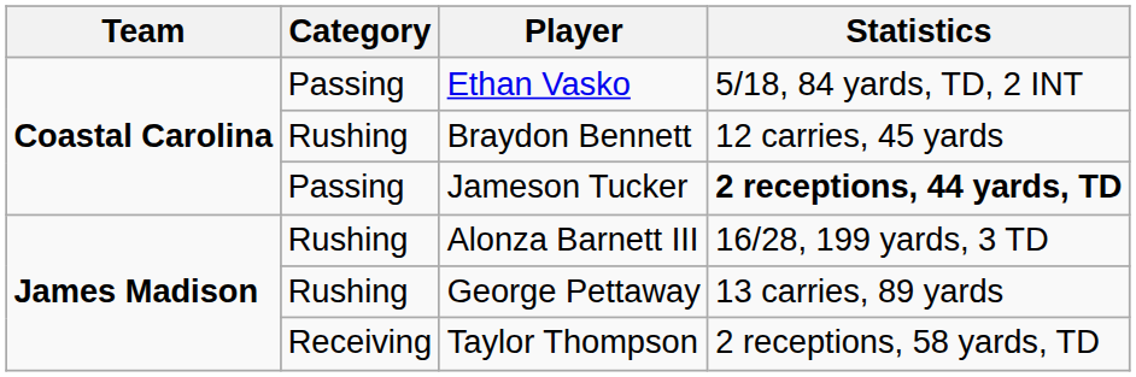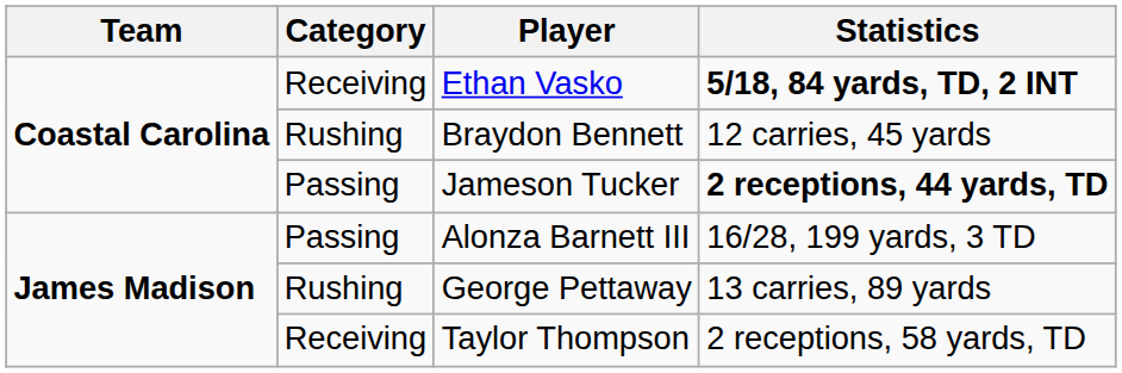 <table class="wikitable" style="float: right;">
 <tr>
 <th>Team</th>
 <th>Category</th>
 <th>Player</th>
 <th>Statistics</th>
 </tr>
 <tr>
 <td rowspan=3><strong>Coastal Carolina</strong></td>
-<td>Passing</td>
+<td>Receiving</td>
 <td><a href='#'>Ethan Vasko</a></td>
-<td>5/18, 84 yards, TD, 2 INT</td>
+<td><strong>5/18, 84 yards, TD, 2 INT</strong></td>
 </tr>
 <tr>
 <td>Rushing</td>
 <td>Braydon Bennett</td>
 <td>12 carries, 45 yards</td>
 </tr>
 <tr>
 <td>Passing</td>
 <td>Jameson Tucker</td>
 <td><strong>2 receptions, 44 yards, TD</strong></td>
 </tr>
 <tr>
 <td rowspan=3><strong>James Madison</strong></td>
-<td>Rushing</td>
+<td>Passing</td>
 <td>Alonza Barnett III</td>
 <td>16/28, 199 yards, 3 TD</td>
 </tr>
 <tr>
 <td>Rushing</td>
 <td>George Pettaway</td>
 <td>13 carries, 89 yards</td>
 </tr>
 <tr>
 <td>Receiving</td>
 <td>Taylor Thompson</td>
 <td>2 receptions, 58 yards, TD</td>
 </tr>
 </table>
